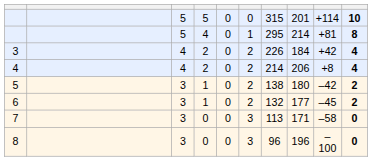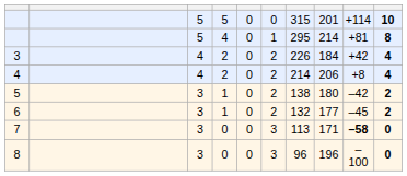 <table class="wikitable" style="text-align:center; font-size:95%">
 <tr>
 <th width="25"></th>
 <th width="200"></th>
 <th width="25"></th>
 <th width="25"></th>
 <th width="25"></th>
 <th width="25"></th>
 <th width="30"></th>
 <th width="30"></th>
 <th width="30"></th>
 <th width="30"></th>
 </tr>
 <tr style="background:#e6efff">
 <td></td>
 <td style="text-align:left"></td>
 <td>5</td>
 <td>5</td>
 <td>0</td>
 <td>0</td>
 <td>315</td>
 <td>201</td>
 <td>+114</td>
 <td><strong>10</strong></td>
 </tr>
 <tr style="background:#e6efff">
 <td></td>
 <td style="text-align:left"></td>
 <td>5</td>
 <td>4</td>
 <td>0</td>
 <td>1</td>
 <td>295</td>
 <td>214</td>
 <td>+81</td>
 <td><strong>8</strong></td>
 </tr>
 <tr style="background:#e6efff">
 <td>3</td>
 <td style="text-align:left"></td>
 <td>4</td>
 <td>2</td>
 <td>0</td>
 <td>2</td>
 <td>226</td>
 <td>184</td>
 <td>+42</td>
 <td><strong>4</strong></td>
 </tr>
 <tr style="background:#e6efff">
 <td>4</td>
 <td style="text-align:left"></td>
 <td>4</td>
 <td>2</td>
 <td>0</td>
 <td>2</td>
 <td>214</td>
 <td>206</td>
 <td>+8</td>
 <td><strong>4</strong></td>
 </tr>
 <tr style="background:#fff6e6">
 <td>5</td>
 <td style="text-align:left"></td>
 <td>3</td>
 <td>1</td>
 <td>0</td>
 <td>2</td>
 <td>138</td>
 <td>180</td>
 <td>–42</td>
 <td><strong>2</strong></td>
 </tr>
 <tr style="background:#fff6e6">
 <td>6</td>
 <td style="text-align:left"></td>
 <td>3</td>
 <td>1</td>
 <td>0</td>
 <td>2</td>
 <td>132</td>
 <td>177</td>
 <td>–45</td>
 <td><strong>2</strong></td>
 </tr>
 <tr style="background:#fff6e6">
 <td>7</td>
 <td style="text-align:left"></td>
 <td>3</td>
 <td>0</td>
 <td>0</td>
 <td>3</td>
 <td>113</td>
 <td>171</td>
-<td>–58</td>
+<td><strong>–58</strong></td>
 <td><strong>0</strong></td>
 </tr>
 <tr style="background:#fff6e6">
 <td>8</td>
 <td style="text-align:left"></td>
 <td>3</td>
 <td>0</td>
 <td>0</td>
 <td>3</td>
 <td>96</td>
 <td>196</td>
 <td>–100</td>
 <td><strong>0</strong></td>
 </tr>
 </table>
